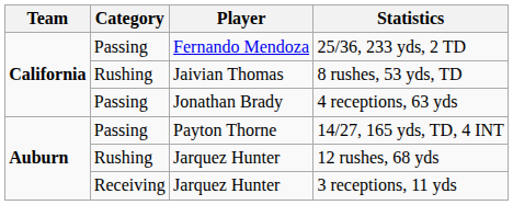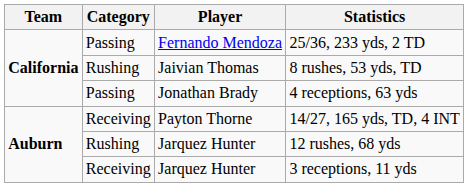 <table class="wikitable" style="float: right;">
 <tr>
 <th>Team</th>
 <th>Category</th>
 <th>Player</th>
 <th>Statistics</th>
 </tr>
 <tr>
 <td rowspan=3><strong>California</strong></td>
 <td>Passing</td>
 <td><a href='#'>Fernando Mendoza</a></td>
 <td>25/36, 233 yds, 2 TD</td>
 </tr>
 <tr>
 <td>Rushing</td>
 <td>Jaivian Thomas</td>
 <td>8 rushes, 53 yds, TD</td>
 </tr>
 <tr>
 <td>Passing</td>
 <td>Jonathan Brady</td>
 <td>4 receptions, 63 yds</td>
 </tr>
 <tr>
 <td rowspan=3><strong>Auburn</strong></td>
-<td>Passing</td>
+<td>Receiving</td>
 <td>Payton Thorne</td>
 <td>14/27, 165 yds, TD, 4 INT</td>
 </tr>
 <tr>
 <td>Rushing</td>
 <td>Jarquez Hunter</td>
 <td>12 rushes, 68 yds</td>
 </tr>
 <tr>
 <td>Receiving</td>
 <td>Jarquez Hunter</td>
 <td>3 receptions, 11 yds</td>
 </tr>
 </table>
